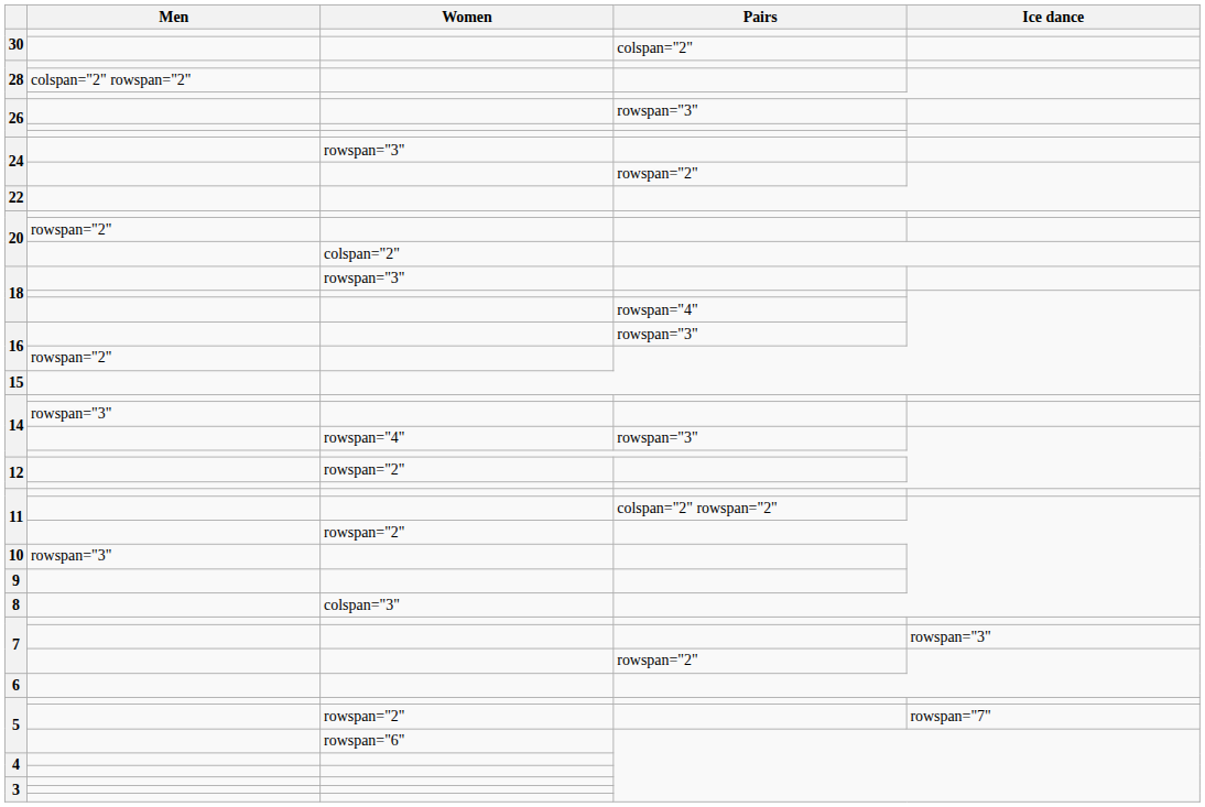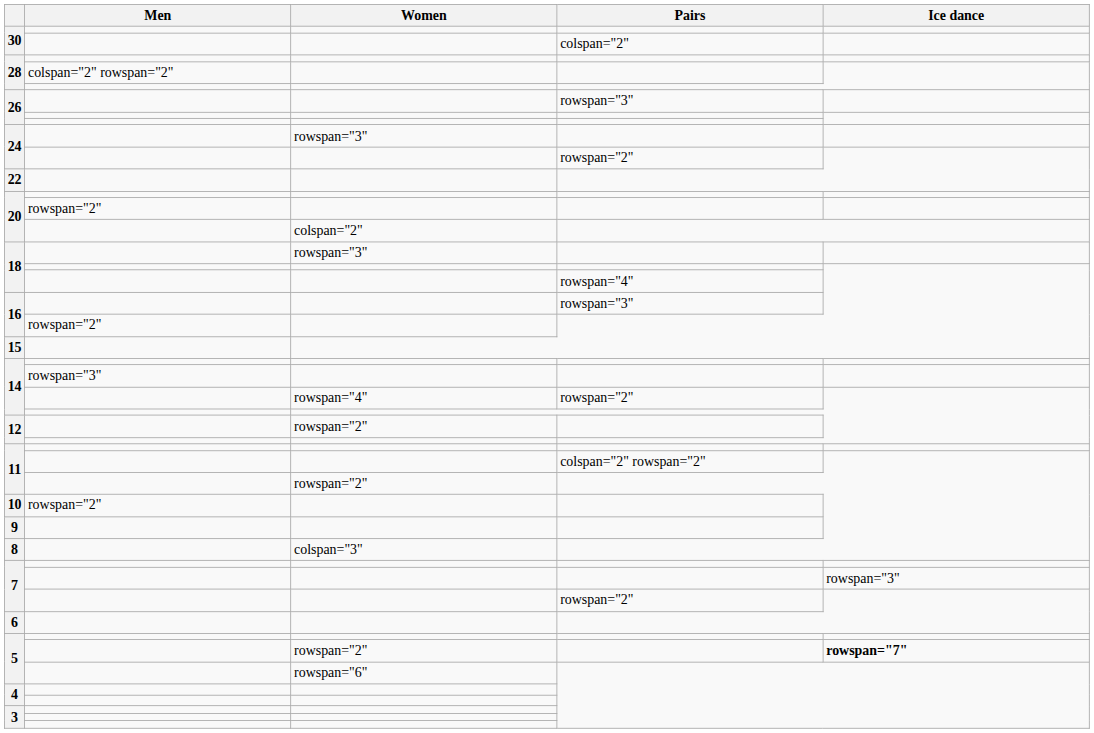 <table class="wikitable">
 <tr>
 <th scope="col"></th>
 <th scope="col" style="width:25%">Men</th>
 <th scope="col" style="width:25%">Women</th>
 <th scope="col" style="width:25%">Pairs</th>
 <th scope="col" style="width:25%">Ice dance</th>
 </tr>
 <tr>
 <th rowspan="2" scope="row">30</th>
 <td></td>
 <td></td>
 <td></td>
 <td></td>
 </tr>
 <tr>
 <td></td>
 <td></td>
 <td>colspan="2" </td>
 </tr>
 <tr>
 <th rowspan="3" scope="row">28</th>
 <td></td>
 <td></td>
 <td></td>
 <td></td>
 </tr>
 <tr>
 <td>colspan="2" rowspan="2" </td>
 <td></td>
 <td></td>
 </tr>
 <tr>
 <td></td>
 <td></td>
 </tr>
 <tr>
 <th rowspan="3" scope="row">26</th>
 <td></td>
 <td></td>
 <td>rowspan="3" </td>
 <td></td>
 </tr>
 <tr>
 <td></td>
 <td></td>
 <td></td>
 </tr>
 <tr>
 <td></td>
 <td></td>
 <td></td>
 </tr>
 <tr>
 <th rowspan="2" scope="row">24</th>
 <td></td>
 <td>rowspan="3" </td>
 <td></td>
 <td></td>
 </tr>
 <tr>
 <td></td>
 <td></td>
 <td>rowspan="2" </td>
 </tr>
 <tr>
 <th scope="row">22</th>
 <td></td>
 <td></td>
 </tr>
 <tr>
 <th rowspan="3" scope="row">20</th>
 <td></td>
 <td></td>
 <td></td>
 <td></td>
 </tr>
 <tr>
 <td>rowspan="2" </td>
 <td></td>
 <td></td>
 <td></td>
 </tr>
 <tr>
 <td></td>
 <td>colspan="2" </td>
 </tr>
 <tr>
 <th rowspan="3" scope="row">18</th>
 <td></td>
 <td>rowspan="3" </td>
 <td></td>
 <td></td>
 </tr>
 <tr>
 <td></td>
 <td></td>
 <td></td>
 </tr>
 <tr>
 <td></td>
 <td></td>
 <td>rowspan="4" </td>
 </tr>
 <tr>
 <th rowspan="2" scope="row">16</th>
 <td></td>
 <td></td>
 <td>rowspan="3" </td>
 </tr>
 <tr>
 <td>rowspan="2" </td>
 <td></td>
 </tr>
 <tr>
 <th scope="row">15</th>
 <td></td>
 </tr>
 <tr>
 <th rowspan="4" scope="row">14</th>
 <td></td>
 <td></td>
 <td></td>
 <td></td>
 </tr>
 <tr>
 <td>rowspan="3" </td>
 <td></td>
 <td></td>
 <td></td>
 </tr>
 <tr>
 <td></td>
 <td>rowspan="4" </td>
-<td>rowspan="3" </td>
+<td>rowspan="2" </td>
 </tr>
 <tr>
 <td></td>
 </tr>
 <tr>
 <th rowspan="2" scope="row">12</th>
 <td></td>
 <td>rowspan="2" </td>
 <td></td>
 </tr>
 <tr>
 <td></td>
 <td></td>
 </tr>
 <tr>
 <th rowspan="3" scope="row">11</th>
 <td></td>
 <td></td>
 <td></td>
 <td></td>
 </tr>
 <tr>
 <td></td>
 <td></td>
 <td>colspan="2" rowspan="2" </td>
 </tr>
 <tr>
 <td></td>
 <td>rowspan="2" </td>
 </tr>
 <tr>
 <th scope="row">10</th>
-<td>rowspan="3" </td>
+<td>rowspan="2" </td>
 <td></td>
 <td></td>
 </tr>
 <tr>
 <th scope="row">9</th>
 <td></td>
 <td></td>
 <td></td>
 </tr>
 <tr>
 <th scope="row">8</th>
 <td></td>
 <td>colspan="3" </td>
 </tr>
 <tr>
 <th rowspan="3" scope="row">7</th>
 <td></td>
 <td></td>
 <td></td>
 <td></td>
 </tr>
 <tr>
 <td></td>
 <td></td>
 <td></td>
 <td>rowspan="3" </td>
 </tr>
 <tr>
 <td></td>
 <td></td>
 <td>rowspan="2" </td>
 </tr>
 <tr>
 <th scope="row">6</th>
 <td></td>
 <td></td>
 </tr>
 <tr>
 <th rowspan="3" scope="row">5</th>
 <td></td>
 <td></td>
 <td></td>
 <td></td>
 </tr>
 <tr>
 <td></td>
 <td>rowspan="2" </td>
 <td></td>
-<td>rowspan="7" </td>
+<td><strong>rowspan="7" </strong></td>
 </tr>
 <tr>
 <td></td>
 <td>rowspan="6" </td>
 </tr>
 <tr>
 <th rowspan="2" scope="row">4</th>
 <td></td>
 <td></td>
 </tr>
 <tr>
 <td></td>
 <td></td>
 </tr>
 <tr>
 <th rowspan="3" scope="row">3</th>
 <td></td>
 <td></td>
 </tr>
 <tr>
 <td></td>
 <td></td>
 </tr>
 <tr>
 <td></td>
 <td></td>
 </tr>
 </table>
